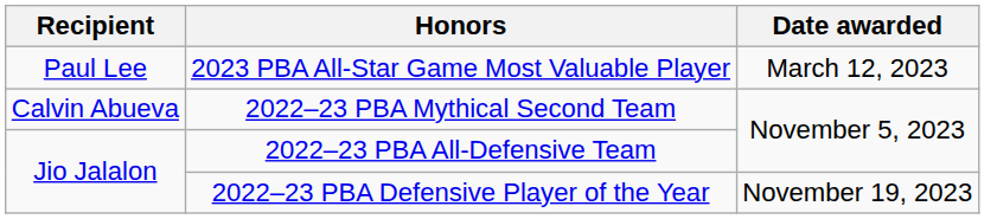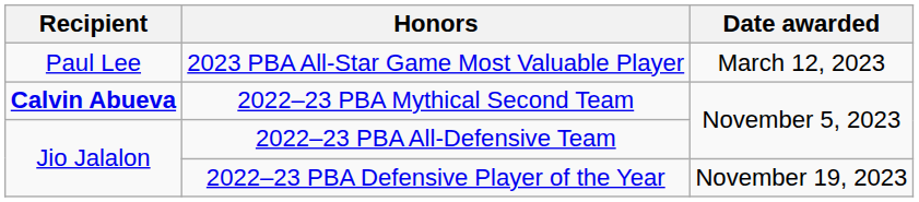 <table class="wikitable sortable sortable" style="text-align: center">
 <tr>
 <th>Recipient</th>
 <th>Honors</th>
 <th>Date awarded</th>
 </tr>
 <tr>
 <td><a href='#'>Paul Lee</a></td>
 <td><a href='#'>2023 PBA All-Star Game Most Valuable Player</a></td>
 <td>March 12, 2023</td>
 </tr>
 <tr>
-<td><a href='#'>Calvin Abueva</a></td>
+<td><strong><a href='#'>Calvin Abueva</a></strong></td>
 <td><a href='#'>2022–23 PBA Mythical Second Team</a></td>
 <td rowspan=2>November 5, 2023</td>
 </tr>
 <tr>
 <td rowspan=2><a href='#'>Jio Jalalon</a></td>
 <td><a href='#'>2022–23 PBA All-Defensive Team</a></td>
 </tr>
 <tr>
 <td><a href='#'>2022–23 PBA Defensive Player of the Year</a></td>
 <td>November 19, 2023</td>
 </tr>
 </table>
